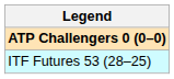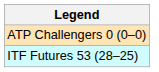 <table class=wikitable style=font-size:97%>
 <tr>
 <th>Legend</th>
 </tr>
 <tr style="background:moccasin;">
-<td><strong>ATP Challengers 0 (0–0)</strong></td>
+<td>ATP Challengers 0 (0–0)</td>
 </tr>
 <tr style="background:#cffcff;">
 <td>ITF Futures 53 (28–25)</td>
 </tr>
 </table>
